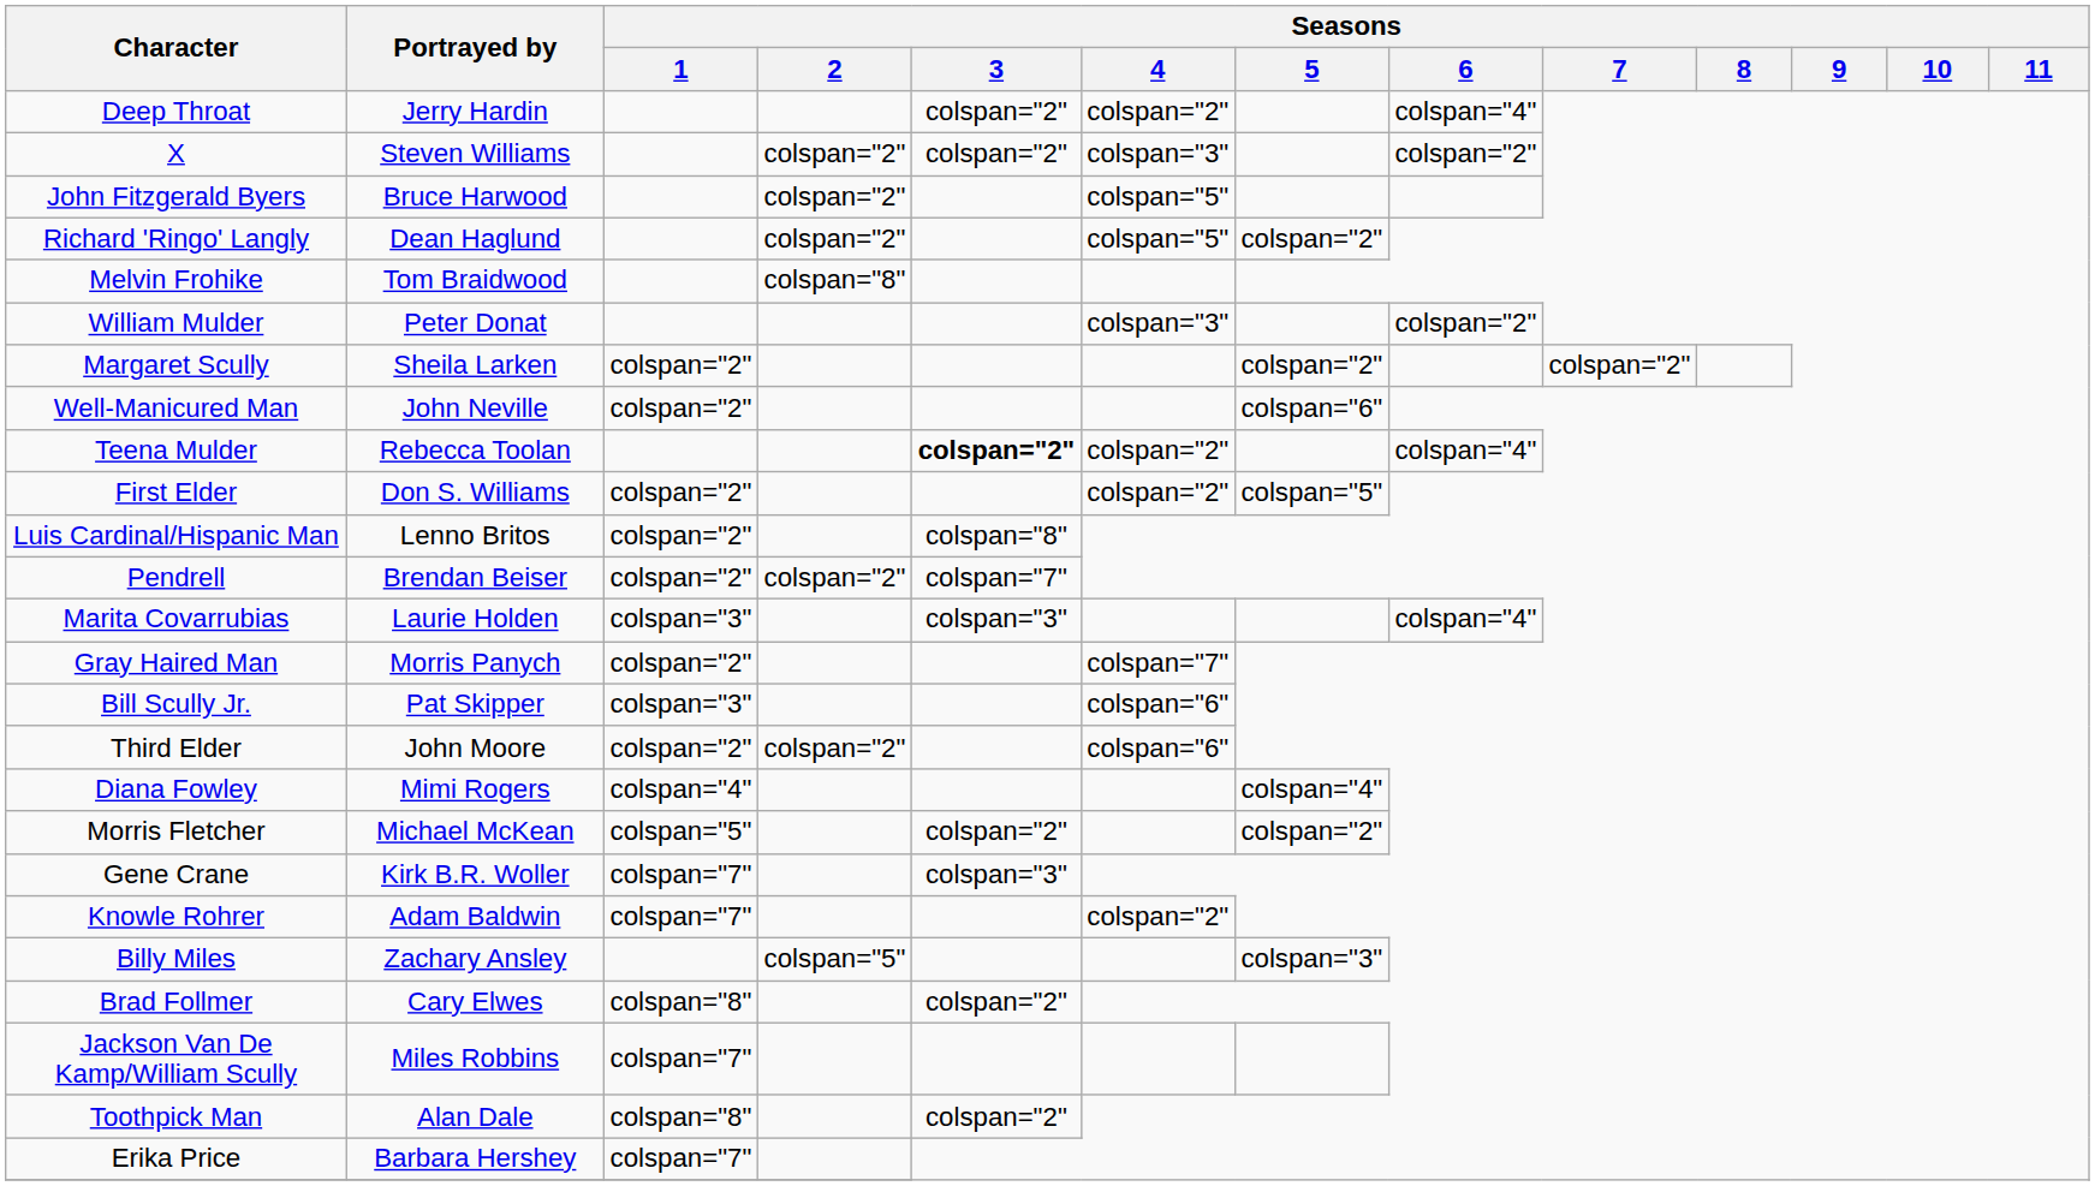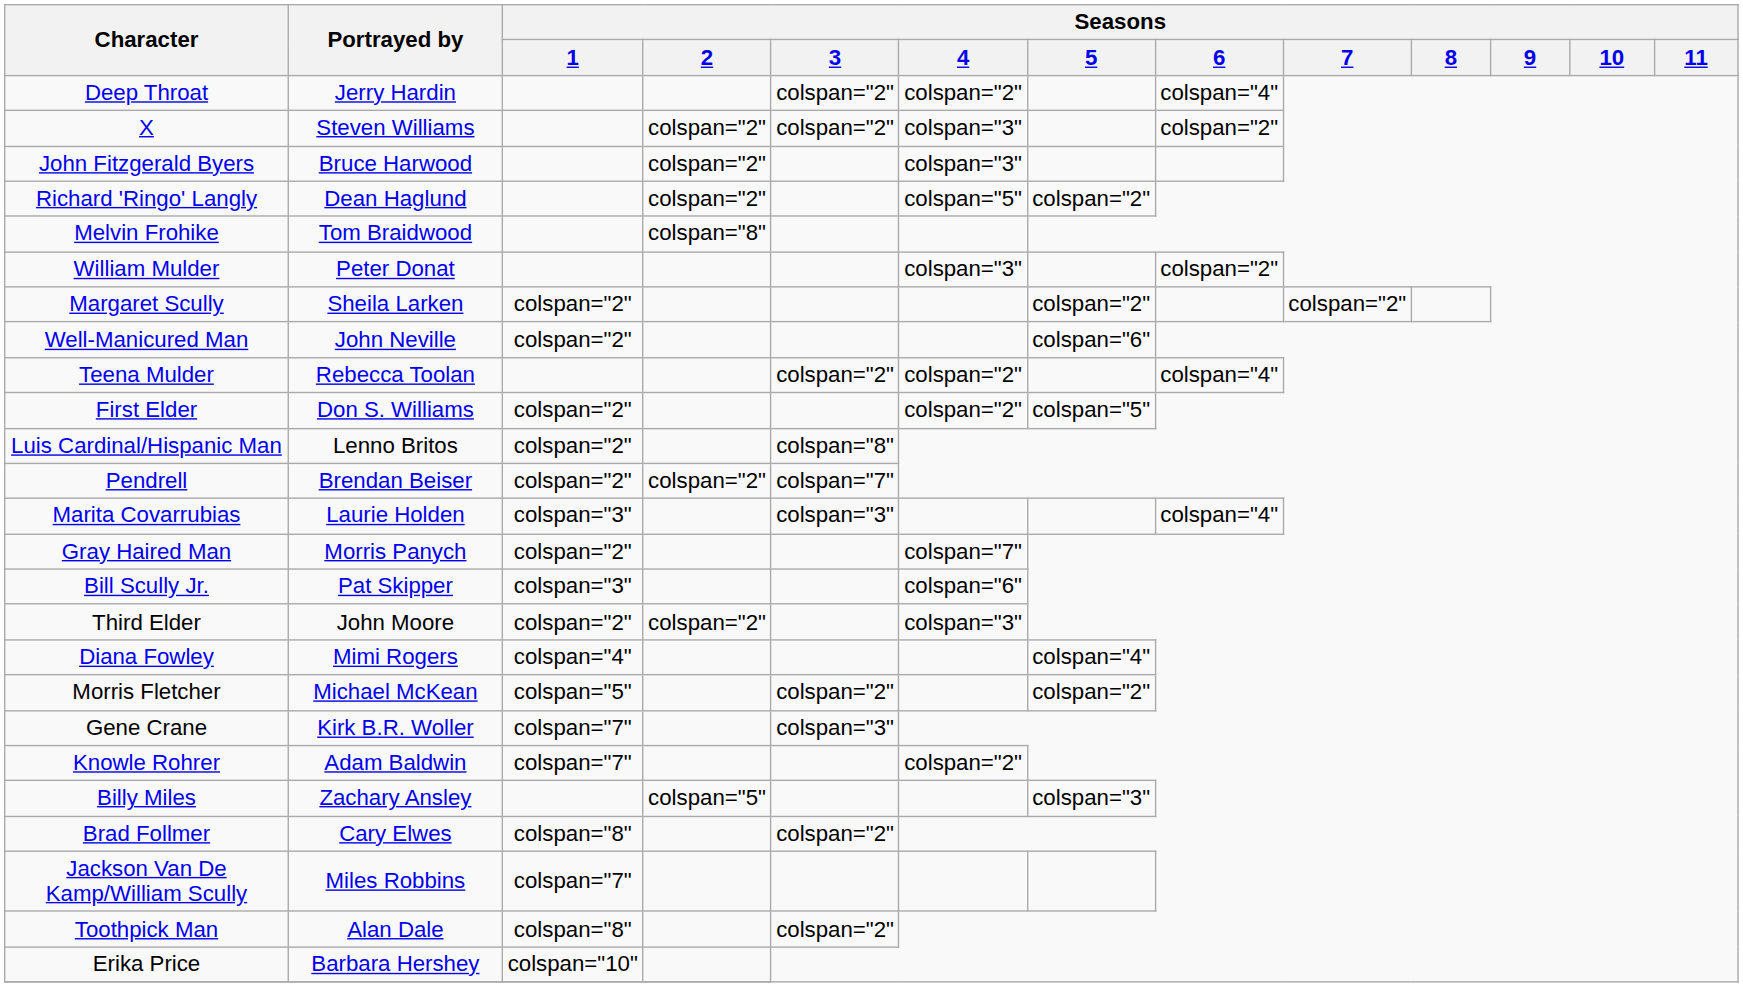 <table class="wikitable" style="text-align:center;">
 <tr>
 <th rowspan="2" style="width:250px;">Character</th>
 <th rowspan="2" style="width:200px;">Portrayed by</th>
 <th colspan="11">Seasons</th>
 </tr>
 <tr>
 <th style="width:80px;"><a href='#'>1</a></th>
 <th style="width:80px;"><a href='#'>2</a></th>
 <th style="width:80px;"><a href='#'>3</a></th>
 <th style="width:80px;"><a href='#'>4</a></th>
 <th style="width:80px;"><a href='#'>5</a></th>
 <th style="width:80px;"><a href='#'>6</a></th>
 <th style="width:80px;"><a href='#'>7</a></th>
 <th style="width:80px;"><a href='#'>8</a></th>
 <th style="width:80px;"><a href='#'>9</a></th>
 <th style="width:80px;"><a href='#'>10</a></th>
 <th style="width:80px;"><a href='#'>11</a></th>
 </tr>
 <tr>
 <td><a href='#'>Deep Throat</a></td>
 <td><a href='#'>Jerry Hardin</a></td>
 <td></td>
 <td></td>
 <td>colspan="2" </td>
 <td>colspan="2" </td>
 <td></td>
 <td>colspan="4" </td>
 </tr>
 <tr>
 <td><a href='#'>X</a></td>
 <td><a href='#'>Steven Williams</a></td>
 <td></td>
 <td>colspan="2" </td>
 <td>colspan="2" </td>
 <td>colspan="3" </td>
 <td></td>
 <td>colspan="2" </td>
 </tr>
 <tr>
 <td><a href='#'>John Fitzgerald Byers</a></td>
 <td><a href='#'>Bruce Harwood</a></td>
 <td></td>
 <td>colspan="2" </td>
 <td></td>
-<td>colspan="5" </td>
+<td>colspan="3" </td>
 <td></td>
 <td></td>
 </tr>
 <tr>
 <td><a href='#'>Richard 'Ringo' Langly</a></td>
 <td><a href='#'>Dean Haglund</a></td>
 <td></td>
 <td>colspan="2" </td>
 <td></td>
 <td>colspan="5" </td>
 <td>colspan="2" </td>
 </tr>
 <tr>
 <td><a href='#'>Melvin Frohike</a></td>
 <td><a href='#'>Tom Braidwood</a></td>
 <td></td>
 <td>colspan="8" </td>
 <td></td>
 <td></td>
 </tr>
 <tr>
 <td><a href='#'>William Mulder</a></td>
 <td><a href='#'>Peter Donat</a></td>
 <td></td>
 <td></td>
 <td></td>
 <td>colspan="3" </td>
 <td></td>
 <td>colspan="2" </td>
 </tr>
 <tr>
 <td><a href='#'>Margaret Scully</a></td>
 <td><a href='#'>Sheila Larken</a></td>
 <td>colspan="2" </td>
 <td></td>
 <td></td>
 <td></td>
 <td>colspan="2" </td>
 <td></td>
 <td>colspan="2" </td>
 <td></td>
 </tr>
 <tr>
 <td><a href='#'>Well-Manicured Man</a></td>
 <td><a href='#'>John Neville</a></td>
 <td>colspan="2" </td>
 <td></td>
 <td></td>
 <td></td>
 <td>colspan="6" </td>
 </tr>
 <tr>
 <td><a href='#'>Teena Mulder</a></td>
 <td><a href='#'>Rebecca Toolan</a></td>
 <td></td>
 <td></td>
-<td><strong>colspan="2" </strong></td>
+<td>colspan="2" </td>
 <td>colspan="2" </td>
 <td></td>
 <td>colspan="4" </td>
 </tr>
 <tr>
 <td><a href='#'>First Elder</a></td>
 <td><a href='#'>Don S. Williams</a></td>
 <td>colspan="2" </td>
 <td></td>
 <td></td>
 <td>colspan="2" </td>
 <td>colspan="5" </td>
 </tr>
 <tr>
 <td><a href='#'>Luis Cardinal/Hispanic Man</a></td>
 <td>Lenno Britos</td>
 <td>colspan="2" </td>
 <td></td>
 <td>colspan="8" </td>
 </tr>
 <tr>
 <td><a href='#'>Pendrell</a></td>
 <td><a href='#'>Brendan Beiser</a></td>
 <td>colspan="2" </td>
 <td>colspan="2" </td>
 <td>colspan="7" </td>
 </tr>
 <tr>
 <td><a href='#'>Marita Covarrubias</a></td>
 <td><a href='#'>Laurie Holden</a></td>
 <td>colspan="3" </td>
 <td></td>
 <td>colspan="3" </td>
 <td></td>
 <td></td>
 <td>colspan="4" </td>
 </tr>
 <tr>
 <td><a href='#'>Gray Haired Man</a></td>
 <td><a href='#'>Morris Panych</a></td>
 <td>colspan="2" </td>
 <td></td>
 <td></td>
 <td>colspan="7" </td>
 </tr>
 <tr>
 <td><a href='#'>Bill Scully Jr.</a></td>
 <td><a href='#'>Pat Skipper</a></td>
 <td>colspan="3" </td>
 <td></td>
 <td></td>
 <td>colspan="6" </td>
 </tr>
 <tr>
 <td>Third Elder</td>
 <td>John Moore</td>
 <td>colspan="2" </td>
 <td>colspan="2" </td>
 <td></td>
-<td>colspan="6" </td>
+<td>colspan="3" </td>
 </tr>
 <tr>
 <td><a href='#'>Diana Fowley</a></td>
 <td><a href='#'>Mimi Rogers</a></td>
 <td>colspan="4" </td>
 <td></td>
 <td></td>
 <td></td>
 <td>colspan="4" </td>
 </tr>
 <tr>
 <td>Morris Fletcher</td>
 <td><a href='#'>Michael McKean</a></td>
 <td>colspan="5" </td>
 <td></td>
 <td>colspan="2" </td>
 <td></td>
 <td>colspan="2" </td>
 </tr>
 <tr>
 <td>Gene Crane</td>
 <td><a href='#'>Kirk B.R. Woller</a></td>
 <td>colspan="7" </td>
 <td></td>
 <td>colspan="3" </td>
 </tr>
 <tr>
 <td><a href='#'>Knowle Rohrer</a></td>
 <td><a href='#'>Adam Baldwin</a></td>
 <td>colspan="7" </td>
 <td></td>
 <td></td>
 <td>colspan="2" </td>
 </tr>
 <tr>
 <td><a href='#'>Billy Miles</a></td>
 <td><a href='#'>Zachary Ansley</a></td>
 <td></td>
 <td>colspan="5" </td>
 <td></td>
 <td></td>
 <td>colspan="3" </td>
 </tr>
 <tr>
 <td><a href='#'>Brad Follmer</a></td>
 <td><a href='#'>Cary Elwes</a></td>
 <td>colspan="8" </td>
 <td></td>
 <td>colspan="2" </td>
 </tr>
 <tr>
 <td><a href='#'>Jackson Van De Kamp/William Scully</a></td>
 <td><a href='#'>Miles Robbins</a></td>
 <td>colspan="7" </td>
 <td></td>
 <td></td>
 <td></td>
 <td></td>
 </tr>
 <tr>
 <td><a href='#'>Toothpick Man</a></td>
 <td><a href='#'>Alan Dale</a></td>
 <td>colspan="8" </td>
 <td></td>
 <td>colspan="2" </td>
 </tr>
 <tr>
 <td>Erika Price</td>
 <td><a href='#'>Barbara Hershey</a></td>
-<td>colspan="7" </td>
+<td>colspan="10" </td>
 <td></td>
 </tr>
 <tr>
 </tr>
 </table>
